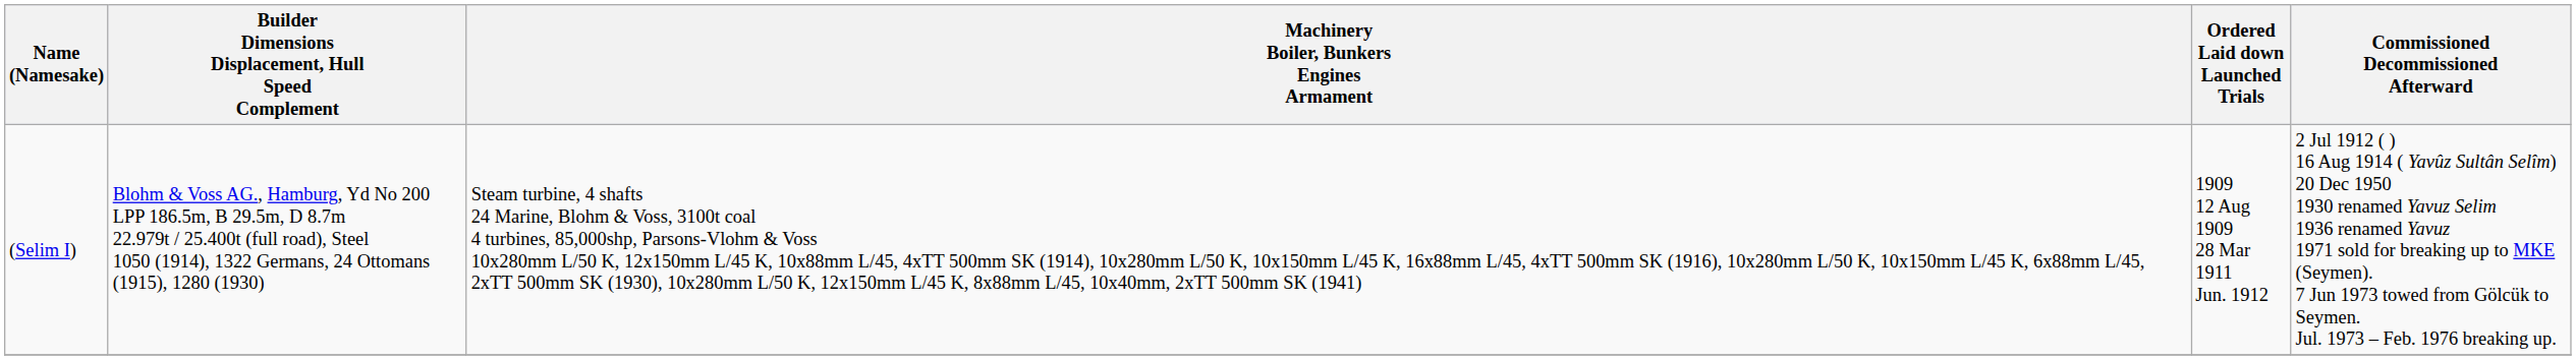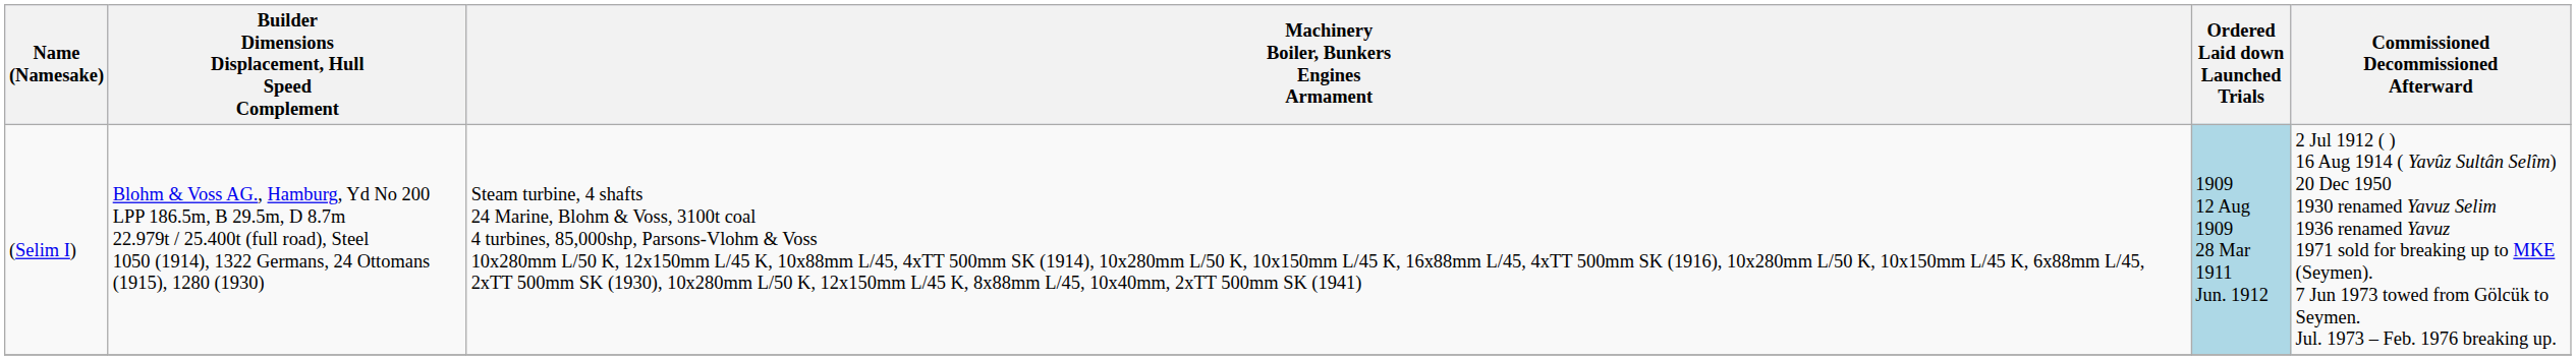 <table class="wikitable" style="font-size:90%;">
 <tr bgcolor="#e6e9ff">
 <th>Name<br>(Namesake)</th>
 <th>Builder<br>Dimensions<br>Displacement, Hull<br>Speed<br>Complement</th>
 <th>Machinery<br>Boiler, Bunkers<br>Engines<br>Armament</th>
 <th>Ordered<br>Laid down<br>Launched<br>Trials</th>
 <th>Commissioned<br>Decommissioned<br>Afterward</th>
 </tr>
 <tr ---->
 <td><br>(<a href='#'>Selim I</a>)</td>
 <td> <a href='#'>Blohm & Voss AG.</a>, <a href='#'>Hamburg</a>, Yd No 200<br>LPP 186.5m, B 29.5m, D 8.7m<br>22.979t / 25.400t (full road), Steel<br>1050 (1914), 1322 Germans, 24 Ottomans (1915), 1280 (1930)<br></td>
 <td>Steam turbine, 4 shafts<br>24 Marine, Blohm & Voss, 3100t coal<br>4 turbines, 85,000shp, Parsons-Vlohm & Voss<br>10x280mm L/50 K, 12x150mm L/45 K, 10x88mm L/45, 4xTT 500mm SK (1914), 10x280mm L/50 K, 10x150mm L/45 K, 16x88mm L/45, 4xTT 500mm SK (1916), 10x280mm L/50 K, 10x150mm L/45 K, 6x88mm L/45, 2xTT 500mm SK (1930), 10x280mm L/50 K, 12x150mm L/45 K, 8x88mm L/45, 10x40mm, 2xTT 500mm SK (1941)</td>
-<td>1909<br>12 Aug 1909<br>28 Mar 1911<br>Jun. 1912</td>
+<td style="background: lightblue;">1909<br>12 Aug 1909<br>28 Mar 1911<br>Jun. 1912</td>
 <td>2 Jul 1912 ( )<br>16 Aug 1914 ( <em>Yavûz Sultân Selîm</em>)<br>20 Dec 1950<br>1930 renamed <em>Yavuz Selim</em><br>1936 renamed <em>Yavuz</em><br>1971 sold for breaking up to <a href='#'>MKE</a> (Seymen).<br>7 Jun 1973 towed from Gölcük to Seymen.<br>Jul. 1973 – Feb. 1976 breaking up.</td>
 </tr>
 <tr ---->
 </tr>
 </table>
